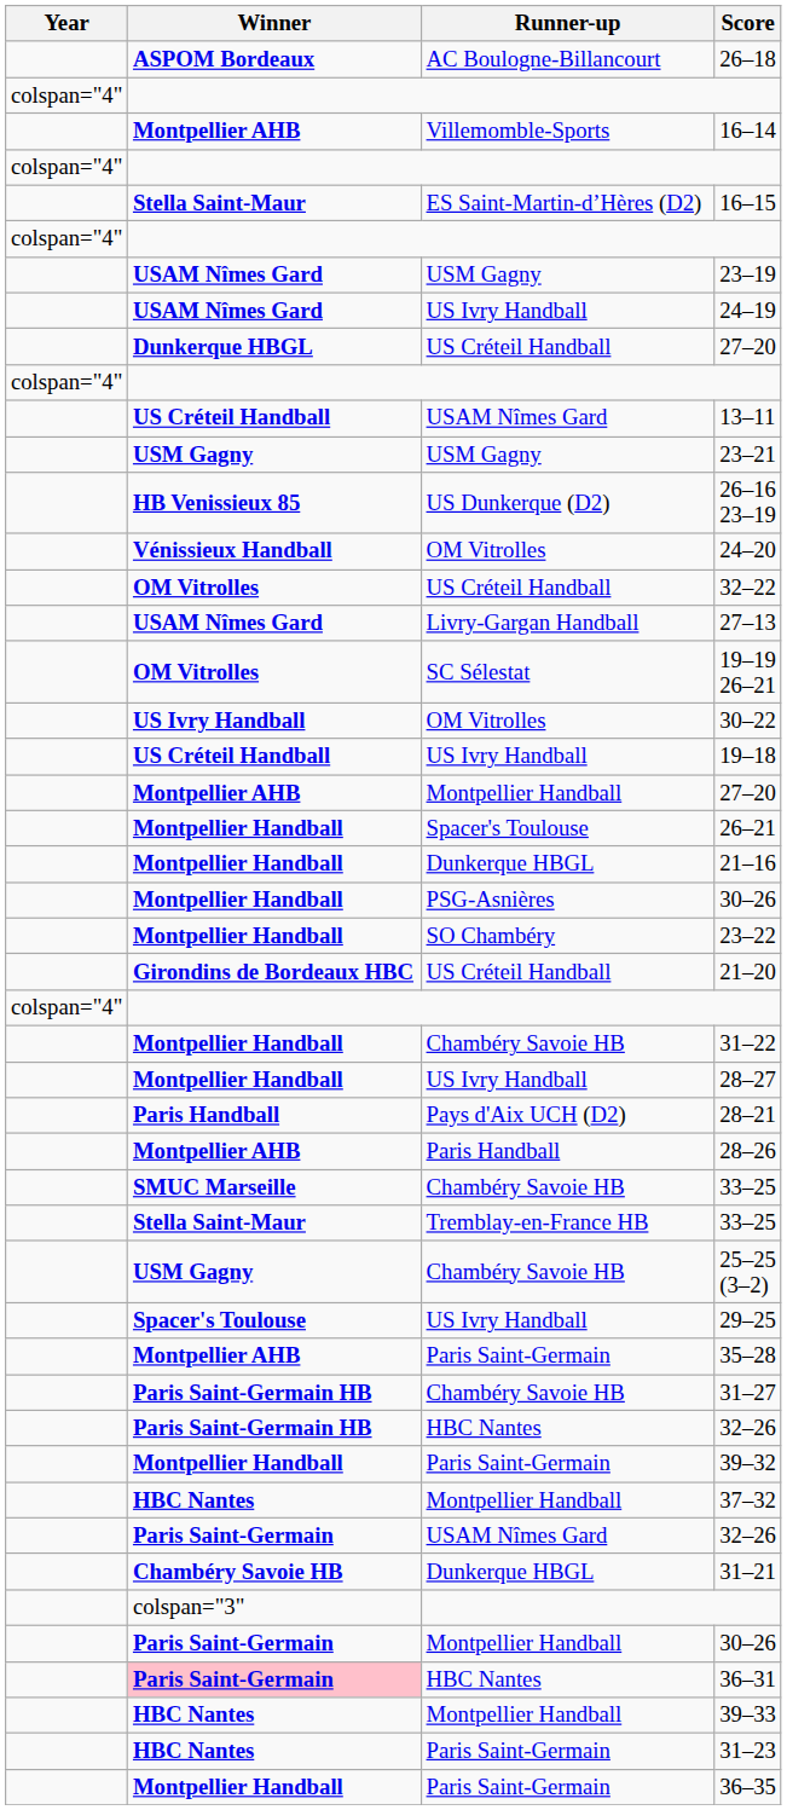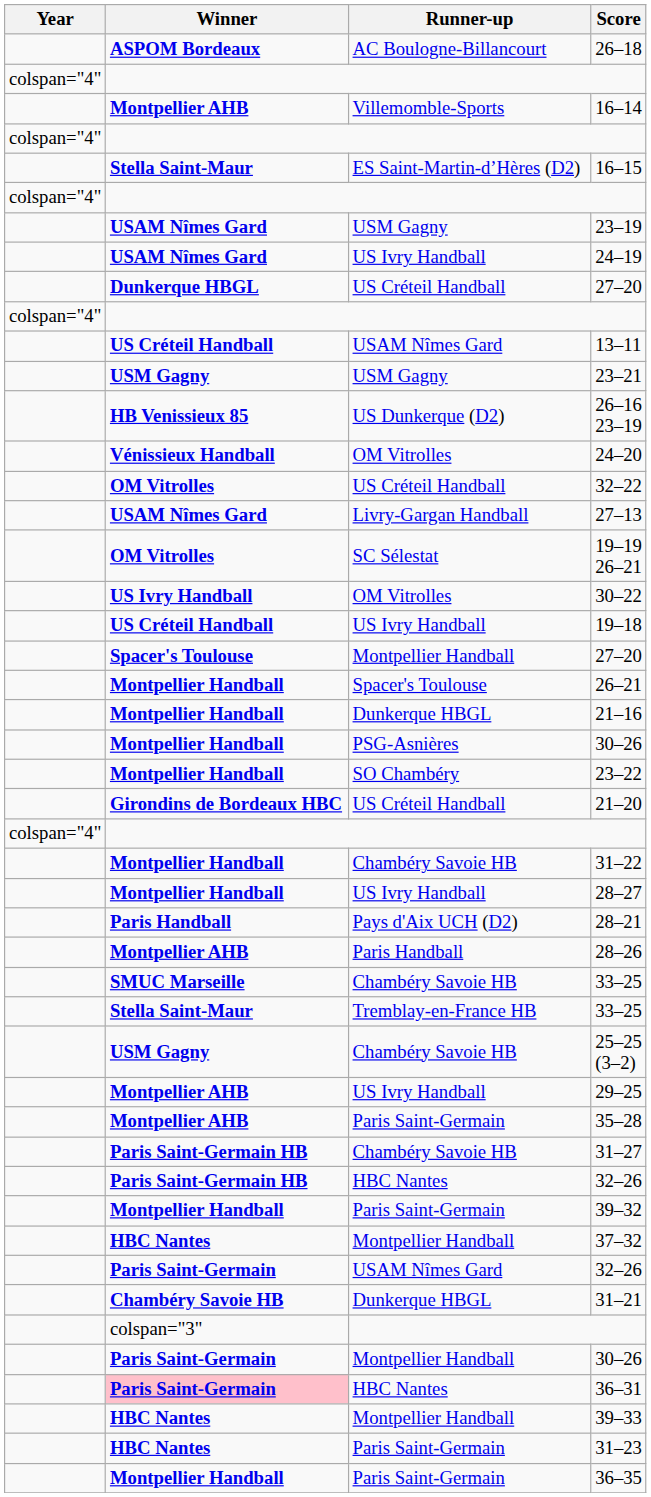 <table class="sortable wikitable">
 <tr>
 <th>Year</th>
 <th width=200>Winner</th>
 <th width=200>Runner-up</th>
 <th>Score</th>
 </tr>
 <tr>
 <td></td>
 <td><strong><a href='#'>ASPOM Bordeaux</a></strong></td>
 <td><a href='#'>AC Boulogne-Billancourt</a></td>
 <td>26–18</td>
 </tr>
 <tr>
 <td>colspan="4" </td>
 </tr>
 <tr>
 <td></td>
 <td><strong><a href='#'>Montpellier AHB</a></strong></td>
 <td><a href='#'>Villemomble-Sports</a></td>
 <td>16–14</td>
 </tr>
 <tr>
 <td>colspan="4" </td>
 </tr>
 <tr>
 <td></td>
 <td><strong><a href='#'>Stella Saint-Maur</a></strong></td>
 <td><a href='#'>ES Saint-Martin-d’Hères</a> (<a href='#'>D2</a>)</td>
 <td>16–15</td>
 </tr>
 <tr>
 <td>colspan="4" </td>
 </tr>
 <tr>
 <td></td>
 <td><strong><a href='#'>USAM Nîmes Gard</a></strong></td>
 <td><a href='#'>USM Gagny</a></td>
 <td>23–19</td>
 </tr>
 <tr>
 <td></td>
 <td><strong><a href='#'>USAM Nîmes Gard</a></strong></td>
 <td><a href='#'>US Ivry Handball</a></td>
 <td>24–19</td>
 </tr>
 <tr>
 <td></td>
 <td><strong><a href='#'>Dunkerque HBGL</a></strong></td>
 <td><a href='#'>US Créteil Handball</a></td>
 <td>27–20</td>
 </tr>
 <tr>
 <td>colspan="4" </td>
 </tr>
 <tr>
 <td></td>
 <td><strong><a href='#'>US Créteil Handball</a></strong></td>
 <td><a href='#'>USAM Nîmes Gard</a></td>
 <td>13–11</td>
 </tr>
 <tr>
 <td></td>
 <td><strong><a href='#'>USM Gagny</a></strong></td>
 <td><a href='#'>USM Gagny</a></td>
 <td>23–21</td>
 </tr>
 <tr>
 <td></td>
 <td><strong><a href='#'>HB Venissieux 85</a></strong></td>
 <td><a href='#'>US Dunkerque</a> (<a href='#'>D2</a>)</td>
 <td>26–16<br>23–19</td>
 </tr>
 <tr>
 <td></td>
 <td><strong><a href='#'>Vénissieux Handball</a></strong></td>
 <td><a href='#'>OM Vitrolles</a></td>
 <td>24–20</td>
 </tr>
 <tr>
 <td></td>
 <td><strong><a href='#'>OM Vitrolles</a></strong></td>
 <td><a href='#'>US Créteil Handball</a></td>
 <td>32–22</td>
 </tr>
 <tr>
 <td></td>
 <td><strong><a href='#'>USAM Nîmes Gard</a></strong></td>
 <td><a href='#'>Livry-Gargan Handball</a></td>
 <td>27–13</td>
 </tr>
 <tr>
 <td></td>
 <td><strong><a href='#'>OM Vitrolles</a></strong></td>
 <td><a href='#'>SC Sélestat</a></td>
 <td>19–19<br>26–21</td>
 </tr>
 <tr>
 <td></td>
 <td><strong><a href='#'>US Ivry Handball</a></strong></td>
 <td><a href='#'>OM Vitrolles</a></td>
 <td>30–22</td>
 </tr>
 <tr>
 <td></td>
 <td><strong><a href='#'>US Créteil Handball</a></strong></td>
 <td><a href='#'>US Ivry Handball</a></td>
 <td>19–18</td>
 </tr>
 <tr>
 <td></td>
-<td><strong><a href='#'>Montpellier AHB</a></strong></td>
+<td><strong><a href='#'>Spacer's Toulouse</a></strong></td>
 <td><a href='#'>Montpellier Handball</a></td>
 <td>27–20</td>
 </tr>
 <tr>
 <td></td>
 <td><strong><a href='#'>Montpellier Handball</a></strong></td>
 <td><a href='#'>Spacer's Toulouse</a></td>
 <td>26–21</td>
 </tr>
 <tr>
 <td></td>
 <td><strong><a href='#'>Montpellier Handball</a></strong></td>
 <td><a href='#'>Dunkerque HBGL</a></td>
 <td>21–16</td>
 </tr>
 <tr>
 <td></td>
 <td><strong><a href='#'>Montpellier Handball</a></strong></td>
 <td><a href='#'>PSG-Asnières</a></td>
 <td>30–26</td>
 </tr>
 <tr>
 <td></td>
 <td><strong><a href='#'>Montpellier Handball</a></strong></td>
 <td><a href='#'>SO Chambéry</a></td>
 <td>23–22</td>
 </tr>
 <tr>
 <td></td>
 <td><strong><a href='#'>Girondins de Bordeaux HBC</a></strong></td>
 <td><a href='#'>US Créteil Handball</a></td>
 <td>21–20</td>
 </tr>
 <tr>
 <td>colspan="4" </td>
 </tr>
 <tr>
 <td></td>
 <td><strong><a href='#'>Montpellier Handball</a></strong></td>
 <td><a href='#'>Chambéry Savoie HB</a></td>
 <td>31–22</td>
 </tr>
 <tr>
 <td></td>
 <td><strong><a href='#'>Montpellier Handball</a></strong></td>
 <td><a href='#'>US Ivry Handball</a></td>
 <td>28–27</td>
 </tr>
 <tr>
 <td></td>
 <td><strong><a href='#'>Paris Handball</a></strong></td>
 <td><a href='#'>Pays d'Aix UCH</a> (<a href='#'>D2</a>)</td>
 <td>28–21</td>
 </tr>
 <tr>
 <td></td>
 <td><strong><a href='#'>Montpellier AHB</a></strong></td>
 <td><a href='#'>Paris Handball</a></td>
 <td>28–26</td>
 </tr>
 <tr>
 <td></td>
 <td><strong><a href='#'>SMUC Marseille</a></strong></td>
 <td><a href='#'>Chambéry Savoie HB</a></td>
 <td>33–25</td>
 </tr>
 <tr>
 <td></td>
 <td><strong><a href='#'>Stella Saint-Maur</a></strong></td>
 <td><a href='#'>Tremblay-en-France HB</a></td>
 <td>33–25</td>
 </tr>
 <tr>
 <td></td>
 <td><strong><a href='#'>USM Gagny</a></strong></td>
 <td><a href='#'>Chambéry Savoie HB</a></td>
 <td>25–25<br>(3–2)</td>
 </tr>
 <tr>
 <td></td>
-<td><strong><a href='#'>Spacer's Toulouse</a></strong></td>
+<td><strong><a href='#'>Montpellier AHB</a></strong></td>
 <td><a href='#'>US Ivry Handball</a></td>
 <td>29–25</td>
 </tr>
 <tr>
 <td></td>
 <td><strong><a href='#'>Montpellier AHB</a></strong></td>
 <td><a href='#'>Paris Saint-Germain</a></td>
 <td>35–28</td>
 </tr>
 <tr>
 <td></td>
 <td><strong><a href='#'>Paris Saint-Germain HB</a></strong></td>
 <td><a href='#'>Chambéry Savoie HB</a></td>
 <td>31–27</td>
 </tr>
 <tr>
 <td></td>
 <td><strong><a href='#'>Paris Saint-Germain HB</a></strong></td>
 <td><a href='#'>HBC Nantes</a></td>
 <td>32–26</td>
 </tr>
 <tr>
 <td></td>
 <td><strong><a href='#'>Montpellier Handball</a></strong></td>
 <td><a href='#'>Paris Saint-Germain</a></td>
 <td>39–32</td>
 </tr>
 <tr>
 <td></td>
 <td><strong><a href='#'>HBC Nantes</a></strong></td>
 <td><a href='#'>Montpellier Handball</a></td>
 <td>37–32</td>
 </tr>
 <tr>
 <td></td>
 <td><strong><a href='#'>Paris Saint-Germain</a></strong></td>
 <td><a href='#'>USAM Nîmes Gard</a></td>
 <td>32–26</td>
 </tr>
 <tr>
 <td></td>
 <td><strong><a href='#'>Chambéry Savoie HB</a></strong></td>
 <td><a href='#'>Dunkerque HBGL</a></td>
 <td>31–21</td>
 </tr>
 <tr>
 <td></td>
 <td>colspan="3" </td>
 </tr>
 <tr>
 <td></td>
 <td><strong><a href='#'>Paris Saint-Germain</a></strong></td>
 <td><a href='#'>Montpellier Handball</a></td>
 <td>30–26</td>
 </tr>
 <tr>
 <td></td>
 <td style="background: pink;"><strong><a href='#'>Paris Saint-Germain</a></strong></td>
 <td><a href='#'>HBC Nantes</a></td>
 <td>36–31</td>
 </tr>
 <tr>
 <td></td>
 <td><strong><a href='#'>HBC Nantes</a></strong></td>
 <td><a href='#'>Montpellier Handball</a></td>
 <td>39–33</td>
 </tr>
 <tr>
 <td></td>
 <td><strong><a href='#'>HBC Nantes</a></strong></td>
 <td><a href='#'>Paris Saint-Germain</a></td>
 <td>31–23</td>
 </tr>
 <tr>
 <td></td>
 <td><strong><a href='#'>Montpellier Handball</a></strong></td>
 <td><a href='#'>Paris Saint-Germain</a></td>
 <td>36–35</td>
 </tr>
 </table>
